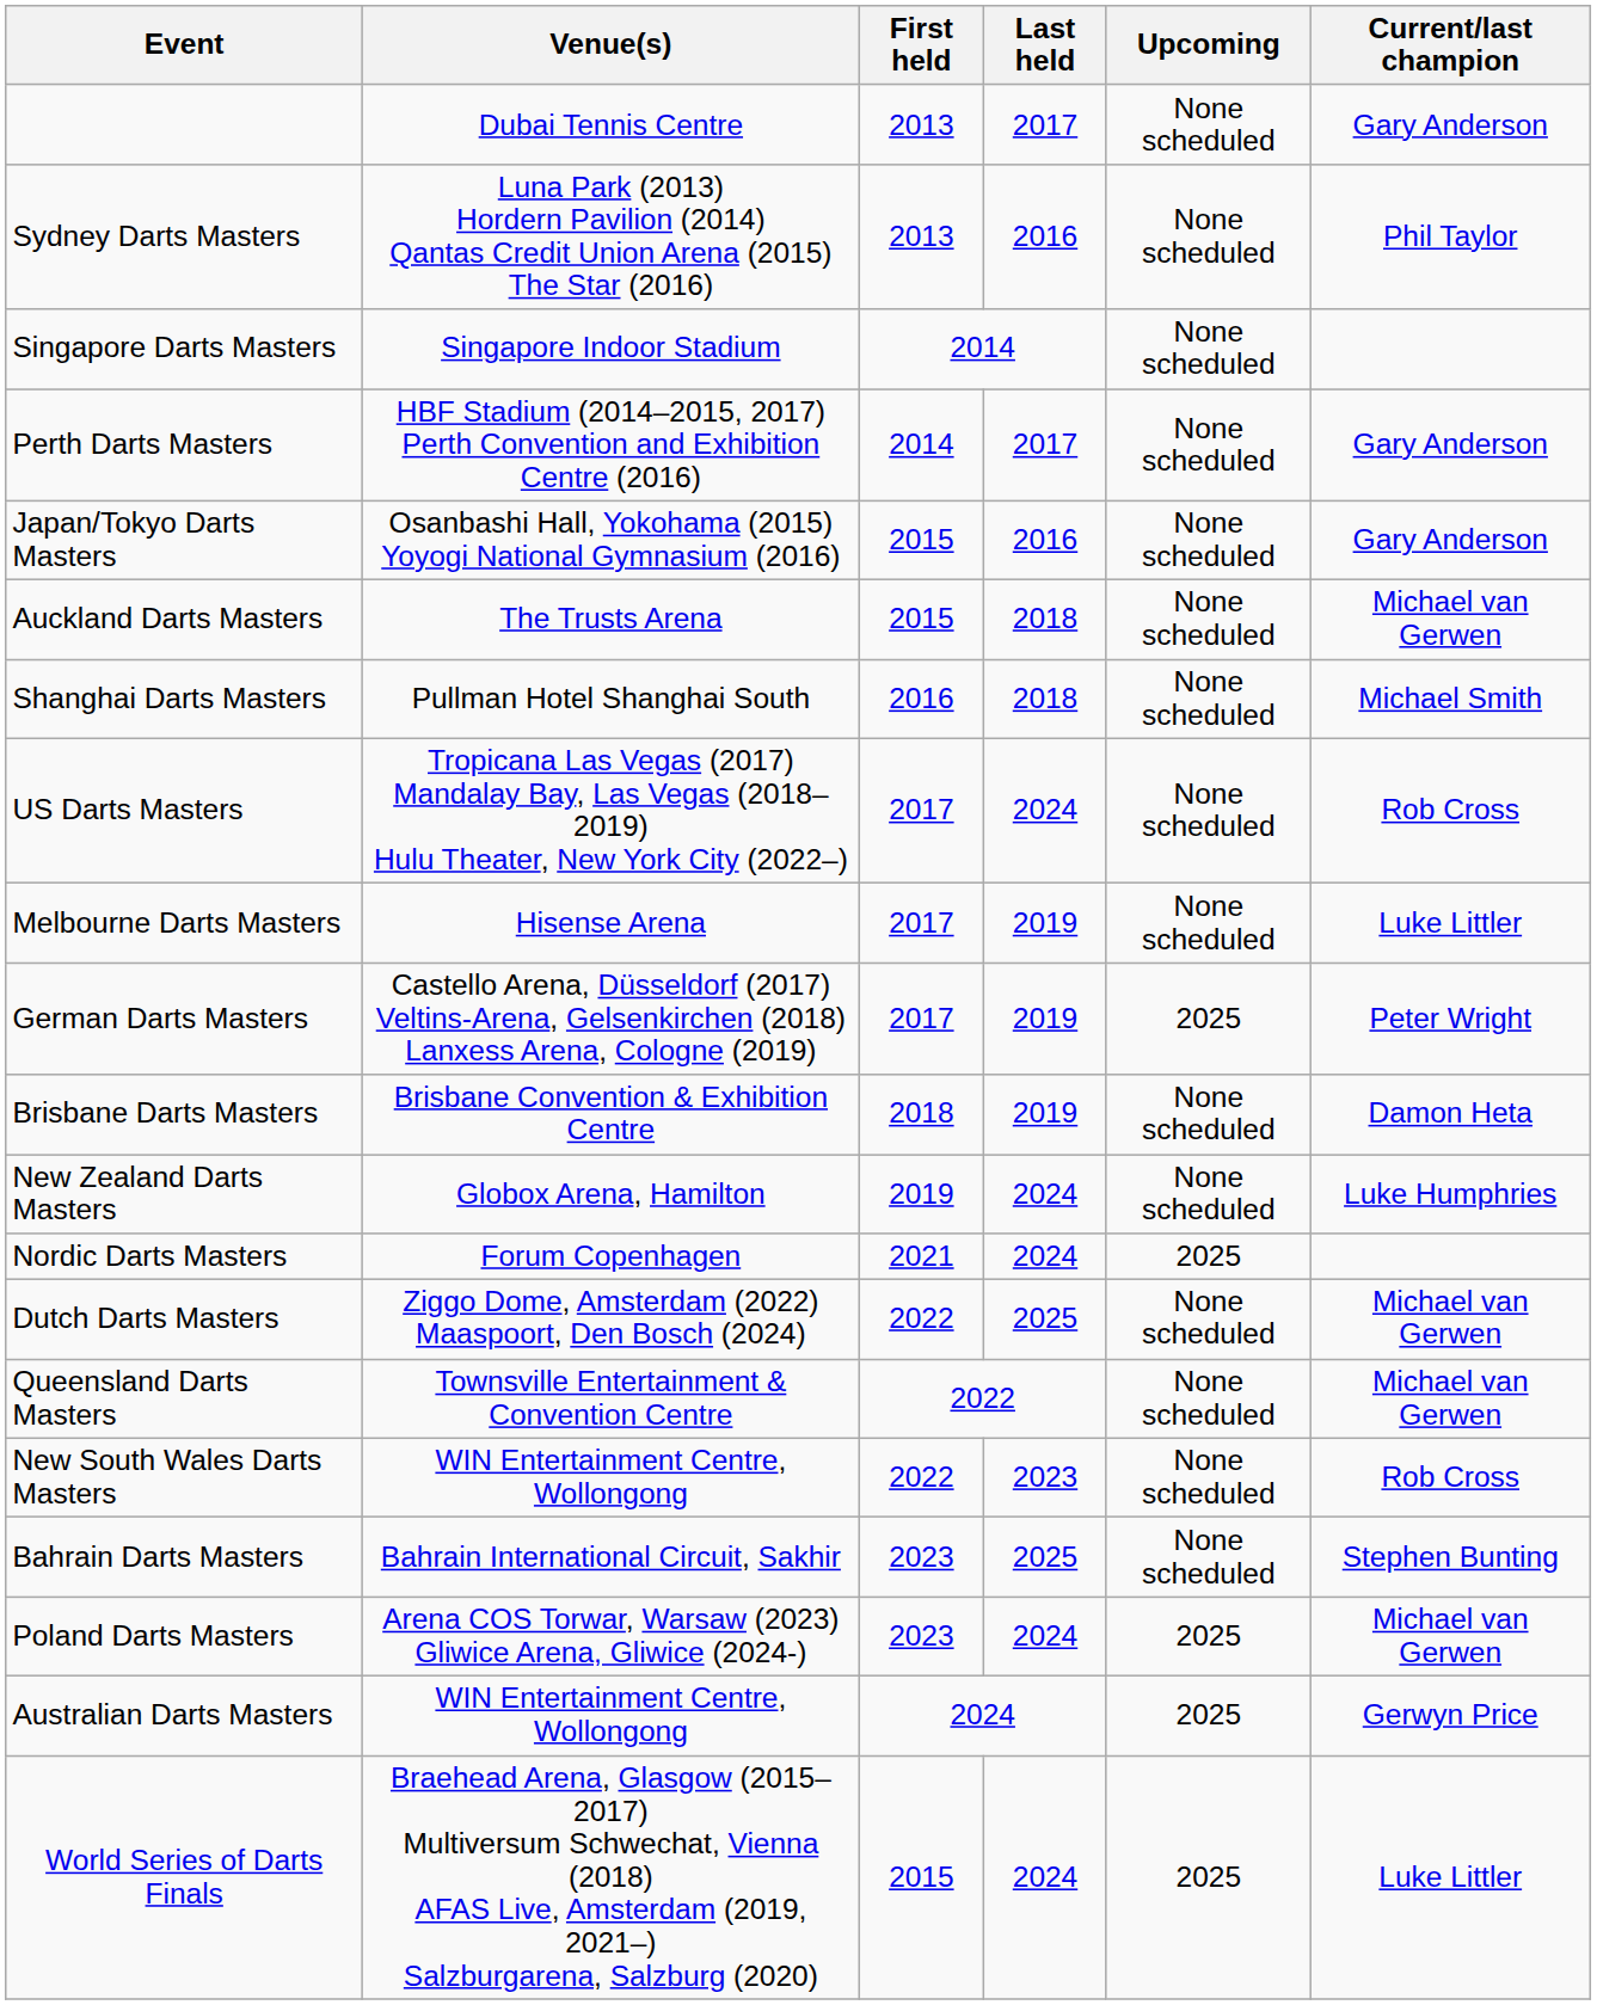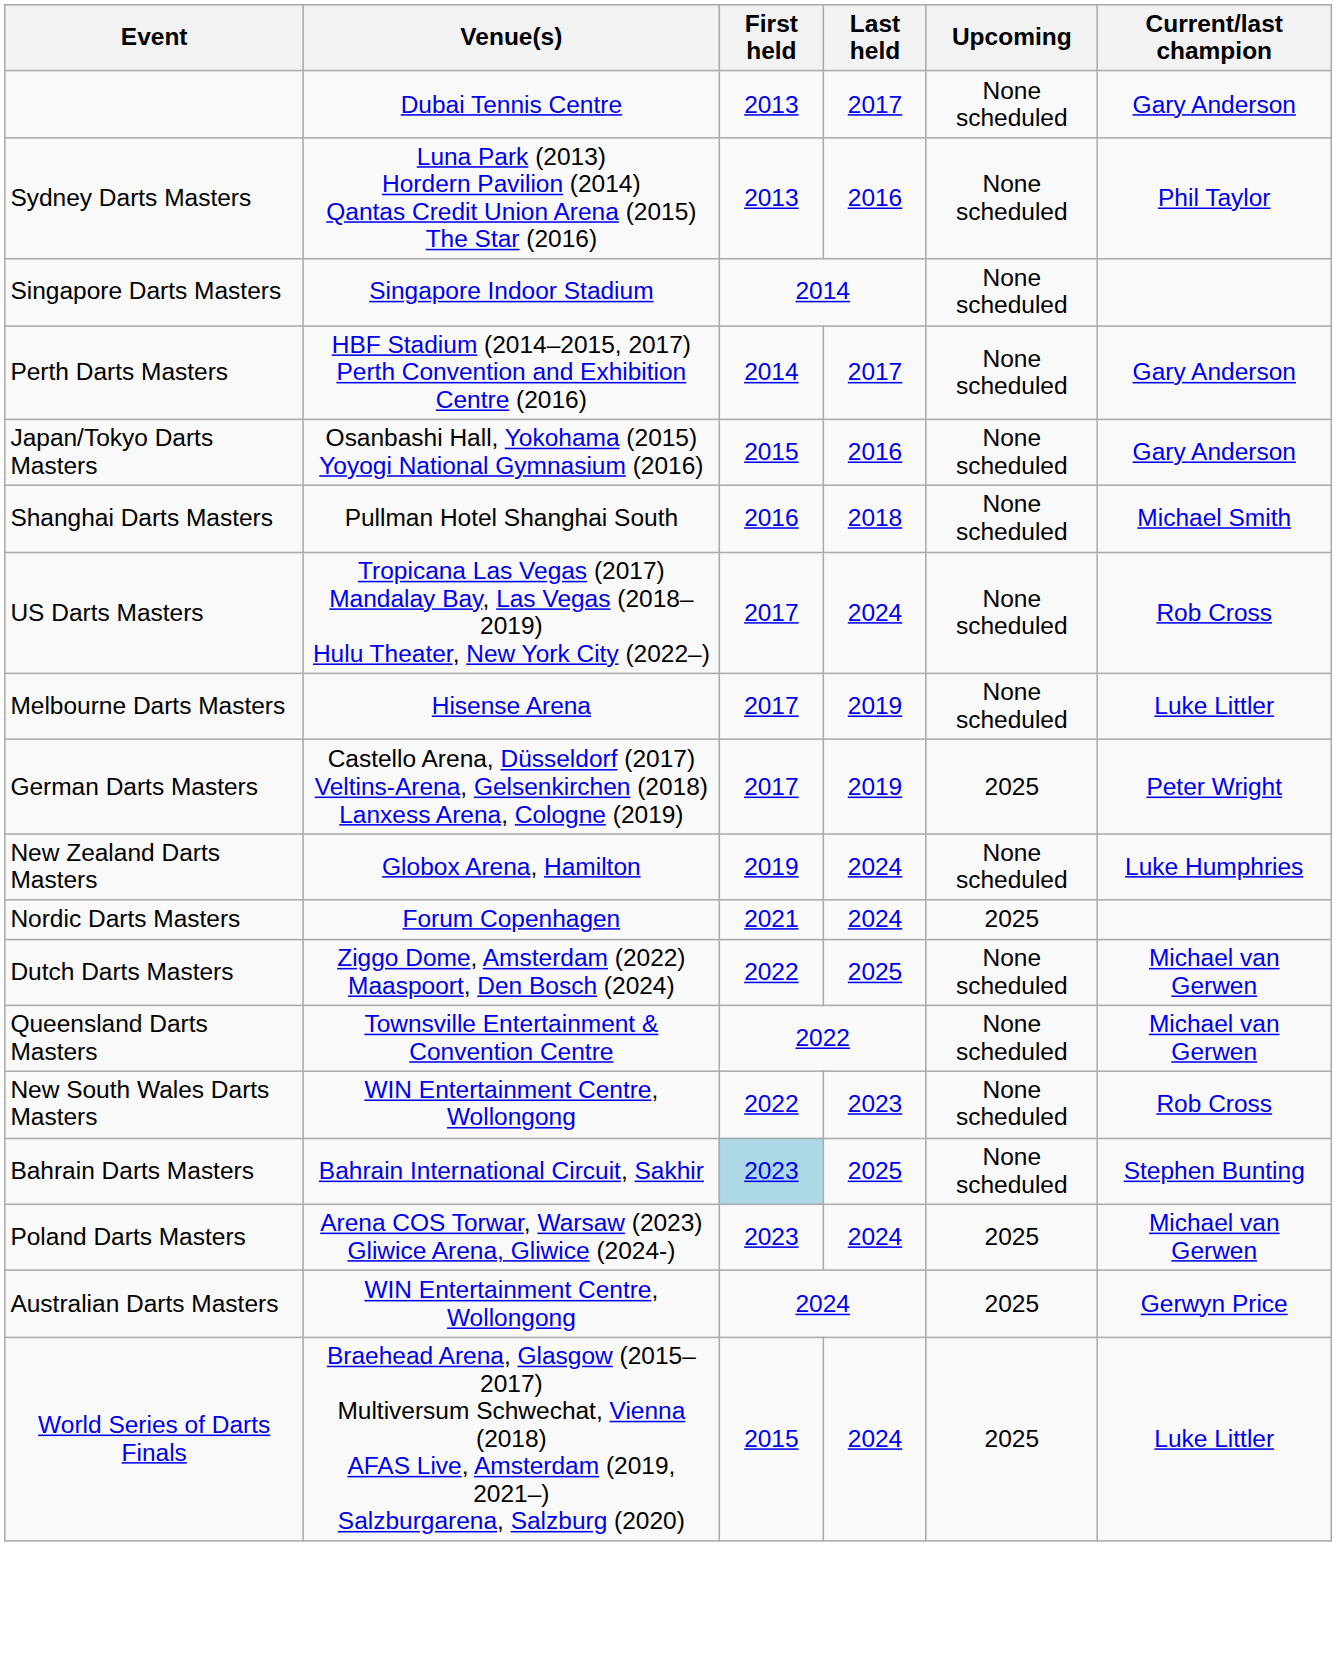 <table class="wikitable sortable">
 <tr>
 <th>Event</th>
 <th>Venue(s)</th>
 <th>First held</th>
 <th>Last held</th>
 <th>Upcoming</th>
 <th>Current/last champion</th>
 </tr>
 <tr>
 <td></td>
 <td align=center><a href='#'>Dubai Tennis Centre</a></td>
 <td align=center><a href='#'>2013</a></td>
 <td align=center><a href='#'>2017</a></td>
 <td align=center>None scheduled</td>
 <td align=center> <a href='#'>Gary Anderson</a></td>
 </tr>
 <tr>
 <td> Sydney Darts Masters</td>
 <td align=center><a href='#'>Luna Park</a> (2013)<br><a href='#'>Hordern Pavilion</a> (2014)<br><a href='#'>Qantas Credit Union Arena</a> (2015)<br><a href='#'>The Star</a> (2016)</td>
 <td align=center><a href='#'>2013</a></td>
 <td align=center><a href='#'>2016</a></td>
 <td align=center>None scheduled</td>
 <td align=center> <a href='#'>Phil Taylor</a></td>
 </tr>
 <tr>
 <td> Singapore Darts Masters</td>
 <td align=center><a href='#'>Singapore Indoor Stadium</a></td>
 <td align=center colspan=2><a href='#'>2014</a></td>
 <td align=center>None scheduled</td>
 <td align=center></td>
 </tr>
 <tr>
 <td> Perth Darts Masters</td>
 <td align=center><a href='#'>HBF Stadium</a> (2014–2015, 2017) <br> <a href='#'>Perth Convention and Exhibition Centre</a> (2016)</td>
 <td align=center><a href='#'>2014</a></td>
 <td align=center><a href='#'>2017</a></td>
 <td align=center>None scheduled</td>
 <td align=center> <a href='#'>Gary Anderson</a></td>
 </tr>
 <tr>
 <td> Japan/Tokyo Darts Masters</td>
 <td align=center>Osanbashi Hall, <a href='#'>Yokohama</a> (2015)<br><a href='#'>Yoyogi National Gymnasium</a> (2016)</td>
 <td align=center><a href='#'>2015</a></td>
 <td align=center><a href='#'>2016</a></td>
 <td align=center>None scheduled</td>
 <td align=center> <a href='#'>Gary Anderson</a></td>
 </tr>
 <tr>
-<td> Auckland Darts Masters</td>
-<td align=center><a href='#'>The Trusts Arena</a></td>
-<td align=center><a href='#'>2015</a></td>
-<td align=center><a href='#'>2018</a></td>
-<td align=center>None scheduled</td>
-<td align=center> <a href='#'>Michael van Gerwen</a></td>
-</tr>
-<tr>
 <td> Shanghai Darts Masters</td>
 <td align=center>Pullman Hotel Shanghai South</td>
 <td align=center><a href='#'>2016</a></td>
 <td align=center><a href='#'>2018</a></td>
 <td align=center>None scheduled</td>
 <td align=center> <a href='#'>Michael Smith</a></td>
 </tr>
 <tr>
 <td> US Darts Masters</td>
 <td align=center><a href='#'>Tropicana Las Vegas</a> (2017)<br><a href='#'>Mandalay Bay</a>, <a href='#'>Las Vegas</a> (2018–2019)<br><a href='#'>Hulu Theater</a>, <a href='#'>New York City</a> (2022–)</td>
 <td align=center><a href='#'>2017</a></td>
 <td align=center><a href='#'>2024</a></td>
 <td align=center>None scheduled</td>
 <td align="center"> <a href='#'>Rob Cross</a></td>
 </tr>
 <tr>
 <td> Melbourne Darts Masters</td>
 <td align=center><a href='#'>Hisense Arena</a></td>
 <td align=center><a href='#'>2017</a></td>
 <td align=center><a href='#'>2019</a></td>
 <td align=center>None scheduled</td>
 <td align="center"> <a href='#'>Luke Littler</a></td>
 </tr>
 <tr>
 <td> German Darts Masters</td>
 <td align=center>Castello Arena, <a href='#'>Düsseldorf</a> (2017)<br><a href='#'>Veltins-Arena</a>, <a href='#'>Gelsenkirchen</a> (2018)<br><a href='#'>Lanxess Arena</a>, <a href='#'>Cologne</a> (2019)</td>
 <td align=center><a href='#'>2017</a></td>
 <td align=center><a href='#'>2019</a></td>
 <td align="center">2025</td>
 <td align=center> <a href='#'>Peter Wright</a></td>
-</tr>
-<tr>
-<td> Brisbane Darts Masters</td>
-<td align=center><a href='#'>Brisbane Convention & Exhibition Centre</a></td>
-<td align=center><a href='#'>2018</a></td>
-<td align=center><a href='#'>2019</a></td>
-<td align=center>None scheduled</td>
-<td align=center> <a href='#'>Damon Heta</a></td>
 </tr>
 <tr>
 <td> New Zealand Darts Masters</td>
 <td align=center><a href='#'>Globox Arena</a>, <a href='#'>Hamilton</a></td>
 <td align=center><a href='#'>2019</a></td>
 <td align=center><a href='#'>2024</a></td>
 <td align=center>None scheduled</td>
 <td align="center"> <a href='#'>Luke Humphries</a></td>
 </tr>
 <tr>
 <td> Nordic Darts Masters</td>
 <td align=center><a href='#'>Forum Copenhagen</a></td>
 <td align=center><a href='#'>2021</a></td>
 <td align=center><a href='#'>2024</a></td>
 <td align=center>2025</td>
 <td align=center></td>
 </tr>
 <tr>
 <td> Dutch Darts Masters</td>
 <td align=center><a href='#'>Ziggo Dome</a>, <a href='#'>Amsterdam</a> (2022)<br><a href='#'>Maaspoort</a>, <a href='#'>Den Bosch</a> (2024)</td>
 <td align=center><a href='#'>2022</a></td>
 <td align=center><a href='#'>2025</a></td>
 <td align=center>None scheduled</td>
 <td align=center> <a href='#'>Michael van Gerwen</a></td>
 </tr>
 <tr>
 <td> Queensland Darts Masters</td>
 <td align=center><a href='#'>Townsville Entertainment & Convention Centre</a></td>
 <td align=center colspan=2><a href='#'>2022</a></td>
 <td align=center>None scheduled</td>
 <td align=center> <a href='#'>Michael van Gerwen</a></td>
 </tr>
 <tr>
 <td> New South Wales Darts Masters</td>
 <td align=center><a href='#'>WIN Entertainment Centre</a>, <a href='#'>Wollongong</a></td>
 <td align=center><a href='#'>2022</a></td>
 <td align=center><a href='#'>2023</a></td>
 <td align=center>None scheduled</td>
 <td align=center> <a href='#'>Rob Cross</a></td>
 </tr>
 <tr>
 <td> Bahrain Darts Masters</td>
 <td align=center><a href='#'>Bahrain International Circuit</a>, <a href='#'>Sakhir</a></td>
-<td align=center><a href='#'>2023</a></td>
+<td align=center style="background: lightblue;"><a href='#'>2023</a></td>
 <td align=center><a href='#'>2025</a></td>
 <td align=center>None scheduled</td>
 <td align=center> <a href='#'>Stephen Bunting</a></td>
 </tr>
 <tr>
 <td> Poland Darts Masters</td>
 <td align=center><a href='#'>Arena COS Torwar</a>, <a href='#'>Warsaw</a> (2023)<br><a href='#'>Gliwice Arena, Gliwice</a> (2024-)</td>
 <td align="center"><a href='#'>2023</a></td>
 <td align=center><a href='#'>2024</a></td>
 <td align="center">2025</td>
 <td align=center> <a href='#'>Michael van Gerwen</a></td>
 </tr>
 <tr>
 <td> Australian Darts Masters</td>
 <td align=center><a href='#'>WIN Entertainment Centre</a>, <a href='#'>Wollongong</a></td>
 <td align=center colspan=2><a href='#'>2024</a></td>
 <td align="center">2025</td>
 <td align="center"> <a href='#'>Gerwyn Price</a></td>
 </tr>
 <tr>
 <td align="center"><a href='#'>World Series of Darts Finals</a></td>
 <td align=center><a href='#'>Braehead Arena</a>, <a href='#'>Glasgow</a> (2015–2017)<br>Multiversum Schwechat, <a href='#'>Vienna</a> (2018)<br><a href='#'>AFAS Live</a>, <a href='#'>Amsterdam</a> (2019, 2021–)<br><a href='#'>Salzburgarena</a>, <a href='#'>Salzburg</a> (2020)</td>
 <td align=center><a href='#'>2015</a></td>
 <td align=center><a href='#'>2024</a></td>
 <td align=center>2025</td>
 <td align="center"> <a href='#'>Luke Littler</a></td>
 </tr>
 </table>
